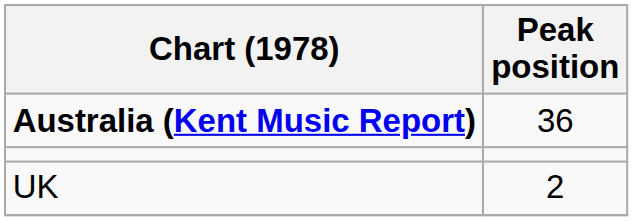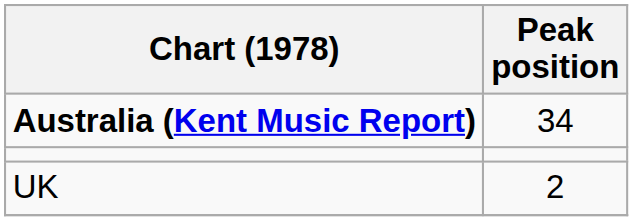 <table class="wikitable">
 <tr>
 <th>Chart (1978)</th>
 <th>Peak<br>position</th>
 </tr>
 <tr>
 <td><strong>Australia (<a href='#'>Kent Music Report</a>)</strong></td>
-<td align="center">36</td>
+<td align="center">34</td>
 </tr>
 <tr>
 <td></td>
 </tr>
 <tr>
 <td>UK</td>
 <td align="center">2</td>
 </tr>
 <tr>
 </tr>
 </table>
